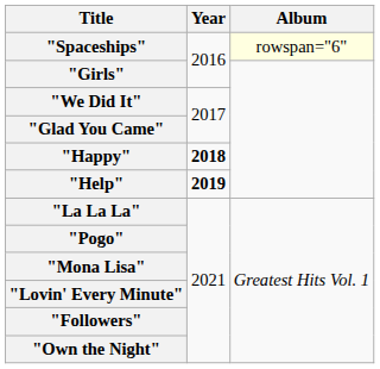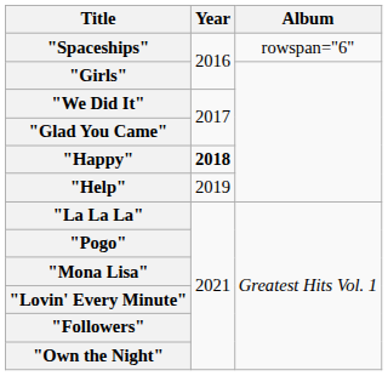 <table class="wikitable plainrowheaders" style="text-align:center;">
 <tr>
 <th scope="col">Title</th>
 <th scope="col">Year</th>
 <th scope="col">Album</th>
 </tr>
 <tr>
 <th scope="row">"Spaceships"</th>
 <td rowspan="2">2016</td>
-<td style="background: lightyellow;">rowspan="6" </td>
+<td>rowspan="6" </td>
 </tr>
 <tr>
 <th scope="row">"Girls"</th>
 </tr>
 <tr>
 <th scope="row">"We Did It"</th>
 <td rowspan="2">2017</td>
 </tr>
 <tr>
 <th scope="row">"Glad You Came"</th>
 </tr>
 <tr>
 <th scope="row">"Happy"</th>
 <td><strong>2018</strong></td>
 </tr>
 <tr>
 <th scope="row">"Help"</th>
-<td rowspan="1"><strong>2019</strong></td>
+<td rowspan="1">2019</td>
 </tr>
 <tr>
 <th scope="row">"La La La"</th>
 <td rowspan="6">2021</td>
 <td rowspan="6"><em>Greatest Hits Vol. 1</em></td>
 </tr>
 <tr>
 <th scope="row">"Pogo"</th>
 </tr>
 <tr>
 <th scope="row">"Mona Lisa"</th>
 </tr>
 <tr>
 <th scope="row">"Lovin' Every Minute"</th>
 </tr>
 <tr>
 <th scope="row">"Followers"</th>
 </tr>
 <tr>
 <th scope="row">"Own the Night"</th>
 </tr>
 </table>
